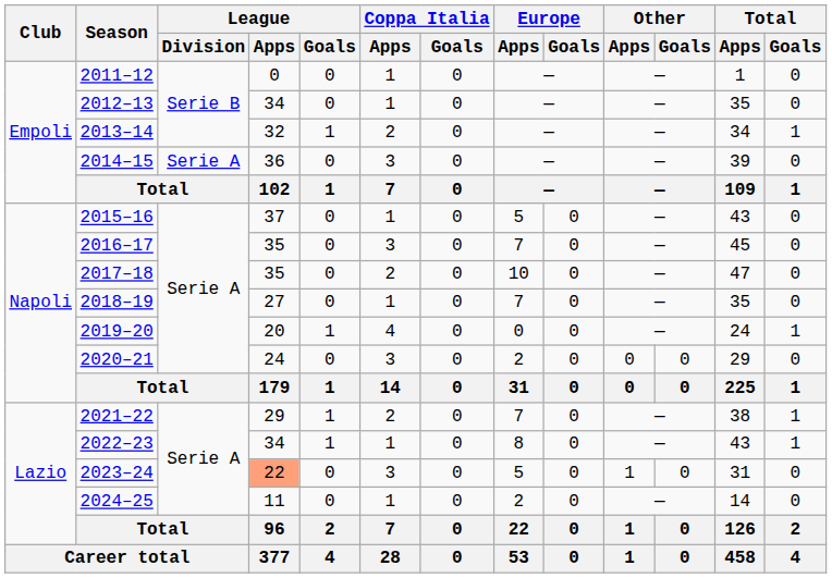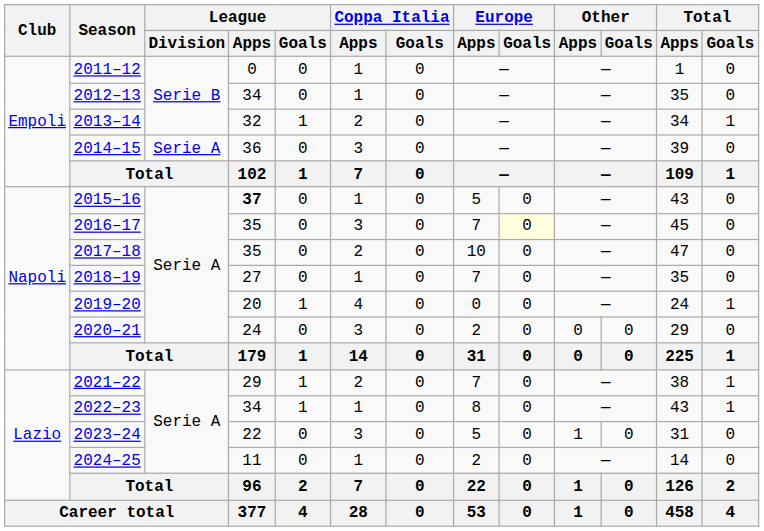 <table class="wikitable" style="text-align:center">
 <tr>
 <th rowspan="2">Club</th>
 <th rowspan="2">Season</th>
 <th colspan="3">League</th>
 <th colspan="2"><a href='#'>Coppa Italia</a></th>
 <th colspan="2"><a href='#'>Europe</a></th>
 <th colspan="2">Other</th>
 <th colspan="2">Total</th>
 </tr>
 <tr>
 <th>Division</th>
 <th>Apps</th>
 <th>Goals</th>
 <th>Apps</th>
 <th>Goals</th>
 <th>Apps</th>
 <th>Goals</th>
 <th>Apps</th>
 <th>Goals</th>
 <th>Apps</th>
 <th>Goals</th>
 </tr>
 <tr>
 <td rowspan="5"><a href='#'>Empoli</a></td>
 <td><a href='#'>2011–12</a></td>
 <td rowspan="3"><a href='#'>Serie B</a></td>
 <td>0</td>
 <td>0</td>
 <td>1</td>
 <td>0</td>
 <td colspan="2">—</td>
 <td colspan="2">—</td>
 <td>1</td>
 <td>0</td>
 </tr>
 <tr>
 <td><a href='#'>2012–13</a></td>
 <td>34</td>
 <td>0</td>
 <td>1</td>
 <td>0</td>
 <td colspan="2">—</td>
 <td colspan="2">—</td>
 <td>35</td>
 <td>0</td>
 </tr>
 <tr>
 <td><a href='#'>2013–14</a></td>
 <td>32</td>
 <td>1</td>
 <td>2</td>
 <td>0</td>
 <td colspan="2">—</td>
 <td colspan="2">—</td>
 <td>34</td>
 <td>1</td>
 </tr>
 <tr>
 <td><a href='#'>2014–15</a></td>
 <td><a href='#'>Serie A</a></td>
 <td>36</td>
 <td>0</td>
 <td>3</td>
 <td>0</td>
 <td colspan="2">—</td>
 <td colspan="2">—</td>
 <td>39</td>
 <td>0</td>
 </tr>
 <tr>
 <th colspan="2">Total</th>
 <th>102</th>
 <th>1</th>
 <th>7</th>
 <th>0</th>
 <th colspan="2">—</th>
 <th colspan="2">—</th>
 <th>109</th>
 <th>1</th>
 </tr>
 <tr>
 <td rowspan="7"><a href='#'>Napoli</a></td>
 <td><a href='#'>2015–16</a></td>
 <td rowspan="6">Serie A</td>
-<td>37</td>
+<td><strong>37</strong></td>
 <td>0</td>
 <td>1</td>
 <td>0</td>
 <td>5</td>
 <td>0</td>
 <td colspan="2">—</td>
 <td>43</td>
 <td>0</td>
 </tr>
 <tr>
 <td><a href='#'>2016–17</a></td>
 <td>35</td>
 <td>0</td>
 <td>3</td>
 <td>0</td>
 <td>7</td>
-<td>0</td>
+<td style="background: lightyellow;">0</td>
 <td colspan="2">—</td>
 <td>45</td>
 <td>0</td>
 </tr>
 <tr>
 <td><a href='#'>2017–18</a></td>
 <td>35</td>
 <td>0</td>
 <td>2</td>
 <td>0</td>
 <td>10</td>
 <td>0</td>
 <td colspan="2">—</td>
 <td>47</td>
 <td>0</td>
 </tr>
 <tr>
 <td><a href='#'>2018–19</a></td>
 <td>27</td>
 <td>0</td>
 <td>1</td>
 <td>0</td>
 <td>7</td>
 <td>0</td>
 <td colspan="2">—</td>
 <td>35</td>
 <td>0</td>
 </tr>
 <tr>
 <td><a href='#'>2019–20</a></td>
 <td>20</td>
 <td>1</td>
 <td>4</td>
 <td>0</td>
 <td>0</td>
 <td>0</td>
 <td colspan="2">—</td>
 <td>24</td>
 <td>1</td>
 </tr>
 <tr>
 <td><a href='#'>2020–21</a></td>
 <td>24</td>
 <td>0</td>
 <td>3</td>
 <td>0</td>
 <td>2</td>
 <td>0</td>
 <td>0</td>
 <td>0</td>
 <td>29</td>
 <td>0</td>
 </tr>
 <tr>
 <th colspan="2">Total</th>
 <th>179</th>
 <th>1</th>
 <th>14</th>
 <th>0</th>
 <th>31</th>
 <th>0</th>
 <th>0</th>
 <th>0</th>
 <th>225</th>
 <th>1</th>
 </tr>
 <tr>
 <td rowspan="5"><a href='#'>Lazio</a></td>
 <td><a href='#'>2021–22</a></td>
 <td rowspan="4">Serie A</td>
 <td>29</td>
 <td>1</td>
 <td>2</td>
 <td>0</td>
 <td>7</td>
 <td>0</td>
 <td colspan="2">—</td>
 <td>38</td>
 <td>1</td>
 </tr>
 <tr>
 <td><a href='#'>2022–23</a></td>
 <td>34</td>
 <td>1</td>
 <td>1</td>
 <td>0</td>
 <td>8</td>
 <td>0</td>
 <td colspan="2">—</td>
 <td>43</td>
 <td>1</td>
 </tr>
 <tr>
 <td><a href='#'>2023–24</a></td>
-<td style="background: lightsalmon;">22</td>
+<td>22</td>
 <td>0</td>
 <td>3</td>
 <td>0</td>
 <td>5</td>
 <td>0</td>
 <td>1</td>
 <td>0</td>
 <td>31</td>
 <td>0</td>
 </tr>
 <tr>
 <td><a href='#'>2024–25</a></td>
 <td>11</td>
 <td>0</td>
 <td>1</td>
 <td>0</td>
 <td>2</td>
 <td>0</td>
 <td colspan="2">—</td>
 <td>14</td>
 <td>0</td>
 </tr>
 <tr>
 <th colspan="2">Total</th>
 <th>96</th>
 <th>2</th>
 <th>7</th>
 <th>0</th>
 <th>22</th>
 <th>0</th>
 <th>1</th>
 <th>0</th>
 <th>126</th>
 <th>2</th>
 </tr>
 <tr>
 <th colspan="3">Career total</th>
 <th>377</th>
 <th>4</th>
 <th>28</th>
 <th>0</th>
 <th>53</th>
 <th>0</th>
 <th>1</th>
 <th>0</th>
 <th>458</th>
 <th>4</th>
 </tr>
 </table>
